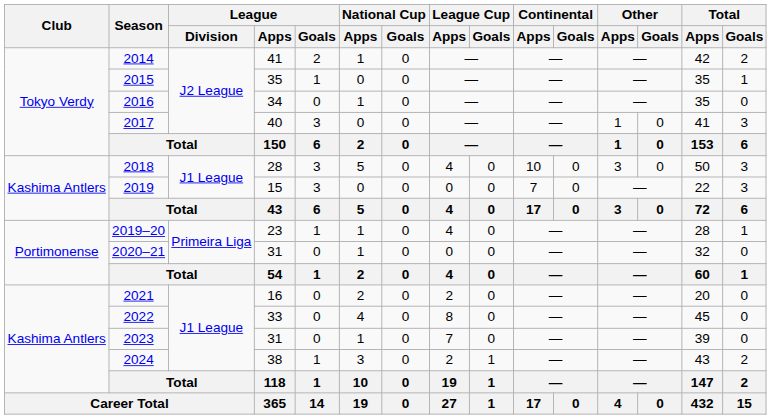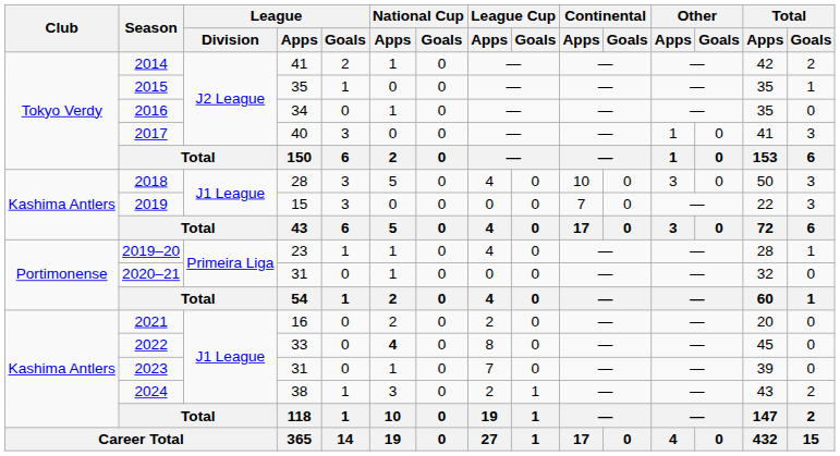 <table class=wikitable style="font-size:100%; text-align:center;">
 <tr>
 <th rowspan=2>Club</th>
 <th rowspan=2>Season</th>
 <th colspan=3>League</th>
 <th colspan=2>National Cup</th>
 <th colspan=2>League Cup</th>
 <th colspan=2>Continental</th>
 <th colspan=2>Other</th>
 <th colspan=2>Total</th>
 </tr>
 <tr>
 <th>Division</th>
 <th>Apps</th>
 <th>Goals</th>
 <th>Apps</th>
 <th>Goals</th>
 <th>Apps</th>
 <th>Goals</th>
 <th>Apps</th>
 <th>Goals</th>
 <th>Apps</th>
 <th>Goals</th>
 <th>Apps</th>
 <th>Goals</th>
 </tr>
 <tr>
 <td rowspan="5"><a href='#'>Tokyo Verdy</a></td>
 <td><a href='#'>2014</a></td>
 <td rowspan="4"><a href='#'>J2 League</a></td>
 <td>41</td>
 <td>2</td>
 <td>1</td>
 <td>0</td>
 <td colspan=2>—</td>
 <td colspan=2>—</td>
 <td colspan=2>—</td>
 <td>42</td>
 <td>2</td>
 </tr>
 <tr>
 <td><a href='#'>2015</a></td>
 <td>35</td>
 <td>1</td>
 <td>0</td>
 <td>0</td>
 <td colspan=2>—</td>
 <td colspan=2>—</td>
 <td colspan=2>—</td>
 <td>35</td>
 <td>1</td>
 </tr>
 <tr>
 <td><a href='#'>2016</a></td>
 <td>34</td>
 <td>0</td>
 <td>1</td>
 <td>0</td>
 <td colspan=2>—</td>
 <td colspan=2>—</td>
 <td colspan=2>—</td>
 <td>35</td>
 <td>0</td>
 </tr>
 <tr>
 <td><a href='#'>2017</a></td>
 <td>40</td>
 <td>3</td>
 <td>0</td>
 <td>0</td>
 <td colspan=2>—</td>
 <td colspan=2>—</td>
 <td>1</td>
 <td>0</td>
 <td>41</td>
 <td>3</td>
 </tr>
 <tr>
 <th colspan="2">Total</th>
 <th>150</th>
 <th>6</th>
 <th>2</th>
 <th>0</th>
 <th colspan=2>—</th>
 <th colspan=2>—</th>
 <th>1</th>
 <th>0</th>
 <th>153</th>
 <th>6</th>
 </tr>
 <tr>
 <td rowspan="3"><a href='#'>Kashima Antlers</a></td>
 <td><a href='#'>2018</a></td>
 <td rowspan="2"><a href='#'>J1 League</a></td>
 <td>28</td>
 <td>3</td>
 <td>5</td>
 <td>0</td>
 <td>4</td>
 <td>0</td>
 <td>10</td>
 <td>0</td>
 <td>3</td>
 <td>0</td>
 <td>50</td>
 <td>3</td>
 </tr>
 <tr>
 <td><a href='#'>2019</a></td>
 <td>15</td>
 <td>3</td>
 <td>0</td>
 <td>0</td>
 <td>0</td>
 <td>0</td>
 <td>7</td>
 <td>0</td>
 <td colspan=2>—</td>
 <td>22</td>
 <td>3</td>
 </tr>
 <tr>
 <th colspan="2">Total</th>
 <th>43</th>
 <th>6</th>
 <th>5</th>
 <th>0</th>
 <th>4</th>
 <th>0</th>
 <th>17</th>
 <th>0</th>
 <th>3</th>
 <th>0</th>
 <th>72</th>
 <th>6</th>
 </tr>
 <tr>
 <td rowspan="3"><a href='#'>Portimonense</a></td>
 <td><a href='#'>2019–20</a></td>
 <td rowspan="2"><a href='#'>Primeira Liga</a></td>
 <td>23</td>
 <td>1</td>
 <td>1</td>
 <td>0</td>
 <td>4</td>
 <td>0</td>
 <td colspan=2>—</td>
 <td colspan=2>—</td>
 <td>28</td>
 <td>1</td>
 </tr>
 <tr>
 <td><a href='#'>2020–21</a></td>
 <td>31</td>
 <td>0</td>
 <td>1</td>
 <td>0</td>
 <td>0</td>
 <td>0</td>
 <td colspan=2>—</td>
 <td colspan=2>—</td>
 <td>32</td>
 <td>0</td>
 </tr>
 <tr>
 <th colspan="2">Total</th>
 <th>54</th>
 <th>1</th>
 <th>2</th>
 <th>0</th>
 <th>4</th>
 <th>0</th>
 <th colspan=2>—</th>
 <th colspan=2>—</th>
 <th>60</th>
 <th>1</th>
 </tr>
 <tr>
 <td rowspan="5"><a href='#'>Kashima Antlers</a></td>
 <td><a href='#'>2021</a></td>
 <td rowspan="4"><a href='#'>J1 League</a></td>
 <td>16</td>
 <td>0</td>
 <td>2</td>
 <td>0</td>
 <td>2</td>
 <td>0</td>
 <td colspan=2>—</td>
 <td colspan=2>—</td>
 <td>20</td>
 <td>0</td>
 </tr>
 <tr>
 <td><a href='#'>2022</a></td>
 <td>33</td>
 <td>0</td>
-<td>4</td>
+<td><strong>4</strong></td>
 <td>0</td>
 <td>8</td>
 <td>0</td>
 <td colspan=2>—</td>
 <td colspan=2>—</td>
 <td>45</td>
 <td>0</td>
 </tr>
 <tr>
 <td><a href='#'>2023</a></td>
 <td>31</td>
 <td>0</td>
 <td>1</td>
 <td>0</td>
 <td>7</td>
 <td>0</td>
 <td colspan=2>—</td>
 <td colspan=2>—</td>
 <td>39</td>
 <td>0</td>
 </tr>
 <tr>
 <td><a href='#'>2024</a></td>
 <td>38</td>
 <td>1</td>
 <td>3</td>
 <td>0</td>
 <td>2</td>
 <td>1</td>
 <td colspan=2>—</td>
 <td colspan=2>—</td>
 <td>43</td>
 <td>2</td>
 </tr>
 <tr>
 <th colspan="2">Total</th>
 <th>118</th>
 <th>1</th>
 <th>10</th>
 <th>0</th>
 <th>19</th>
 <th>1</th>
 <th colspan=2>—</th>
 <th colspan=2>—</th>
 <th>147</th>
 <th>2</th>
 </tr>
 <tr>
 <th colspan="3">Career Total</th>
 <th>365</th>
 <th>14</th>
 <th>19</th>
 <th>0</th>
 <th>27</th>
 <th>1</th>
 <th>17</th>
 <th>0</th>
 <th>4</th>
 <th>0</th>
 <th>432</th>
 <th>15</th>
 </tr>
 </table>
